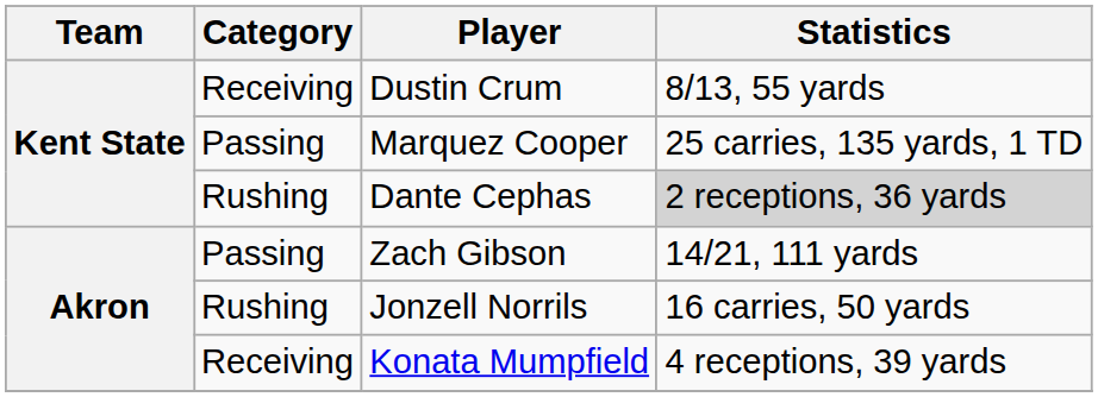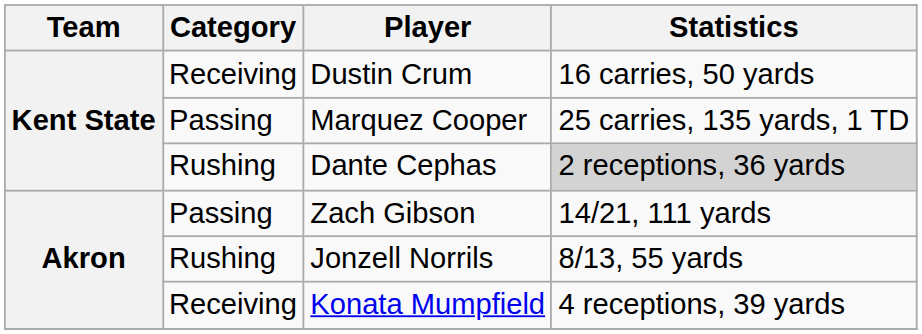 <table class="wikitable" style="float: left;">
 <tr>
 <th>Team</th>
 <th>Category</th>
 <th>Player</th>
 <th>Statistics</th>
 </tr>
 <tr>
 <th rowspan=3>Kent State</th>
 <td>Receiving</td>
 <td>Dustin Crum</td>
-<td>8/13, 55 yards</td>
+<td>16 carries, 50 yards</td>
 </tr>
 <tr>
 <td>Passing</td>
 <td>Marquez Cooper</td>
 <td>25 carries, 135 yards, 1 TD</td>
 </tr>
 <tr>
 <td>Rushing</td>
 <td>Dante Cephas</td>
 <td style="background: lightgrey;">2 receptions, 36 yards</td>
 </tr>
 <tr>
 <th rowspan=3 style=>Akron</th>
 <td>Passing</td>
 <td>Zach Gibson</td>
 <td>14/21, 111 yards</td>
 </tr>
 <tr>
 <td>Rushing</td>
 <td>Jonzell Norrils</td>
-<td>16 carries, 50 yards</td>
+<td>8/13, 55 yards</td>
 </tr>
 <tr>
 <td>Receiving</td>
 <td><a href='#'>Konata Mumpfield</a></td>
 <td>4 receptions, 39 yards</td>
 </tr>
 <tr>
 </tr>
 </table>
